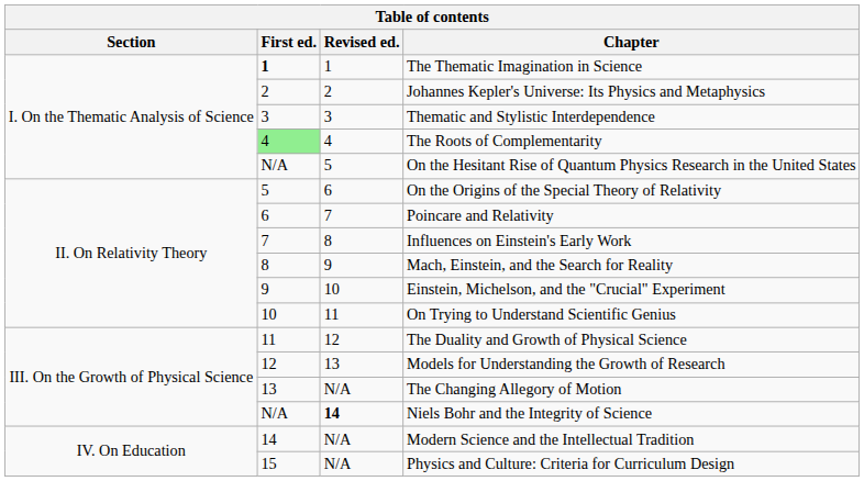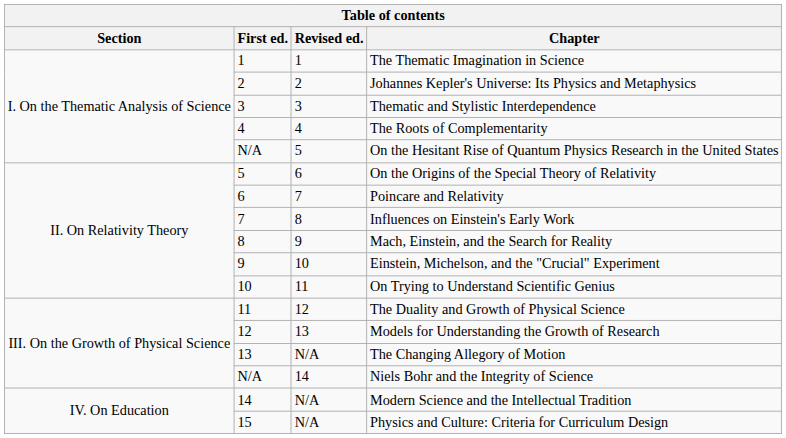 <table class="wikitable"  style="width:auto; text-align:left;">
 <tr>
 <th colspan=4>Table of contents</th>
 </tr>
 <tr>
 <th><strong>Section</strong></th>
 <th><strong>First ed.</strong></th>
 <th><strong>Revised ed.</strong></th>
 <th><strong>Chapter</strong></th>
 </tr>
 <tr>
 <td rowspan="5" style="text-align: center;">I. On the Thematic Analysis of Science</td>
-<td><strong>1</strong></td>
+<td>1</td>
 <td>1</td>
 <td>The Thematic Imagination in Science</td>
 </tr>
 <tr>
 <td>2</td>
 <td>2</td>
 <td>Johannes Kepler's Universe: Its Physics and Metaphysics</td>
 </tr>
 <tr>
 <td>3</td>
 <td>3</td>
 <td>Thematic and Stylistic Interdependence</td>
 </tr>
 <tr>
-<td style="background: lightgreen;">4</td>
+<td>4</td>
 <td>4</td>
 <td>The Roots of Complementarity</td>
 </tr>
 <tr>
 <td>N/A</td>
 <td>5</td>
 <td>On the Hesitant Rise of Quantum Physics Research in the United States</td>
 </tr>
 <tr>
 <td rowspan="6" style="text-align: center;">II. On Relativity Theory</td>
 <td>5</td>
 <td>6</td>
 <td>On the Origins of the Special Theory of Relativity</td>
 </tr>
 <tr>
 <td>6</td>
 <td>7</td>
 <td>Poincare and Relativity</td>
 </tr>
 <tr>
 <td>7</td>
 <td>8</td>
 <td>Influences on Einstein's Early Work</td>
 </tr>
 <tr>
 <td>8</td>
 <td>9</td>
 <td>Mach, Einstein, and the Search for Reality</td>
 </tr>
 <tr>
 <td>9</td>
 <td>10</td>
 <td>Einstein, Michelson, and the "Crucial" Experiment</td>
 </tr>
 <tr>
 <td>10</td>
 <td>11</td>
 <td>On Trying to Understand Scientific Genius</td>
 </tr>
 <tr>
 <td rowspan="4" style="text-align: center;">III. On the Growth of Physical Science</td>
 <td>11</td>
 <td>12</td>
 <td>The Duality and Growth of Physical Science</td>
 </tr>
 <tr>
 <td>12</td>
 <td>13</td>
 <td>Models for Understanding the Growth of Research</td>
 </tr>
 <tr>
 <td>13</td>
 <td>N/A</td>
 <td>The Changing Allegory of Motion</td>
 </tr>
 <tr>
 <td>N/A</td>
-<td><strong>14</strong></td>
+<td>14</td>
 <td>Niels Bohr and the Integrity of Science</td>
 </tr>
 <tr>
 <td rowspan="2" style="text-align: center;">IV. On Education</td>
 <td>14</td>
 <td>N/A</td>
 <td>Modern Science and the Intellectual Tradition</td>
 </tr>
 <tr>
 <td>15</td>
 <td>N/A</td>
 <td>Physics and Culture: Criteria for Curriculum Design</td>
 </tr>
 </table>
